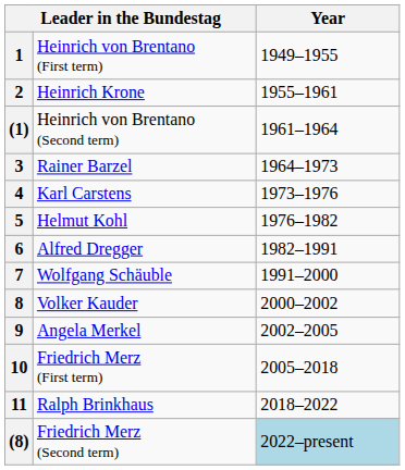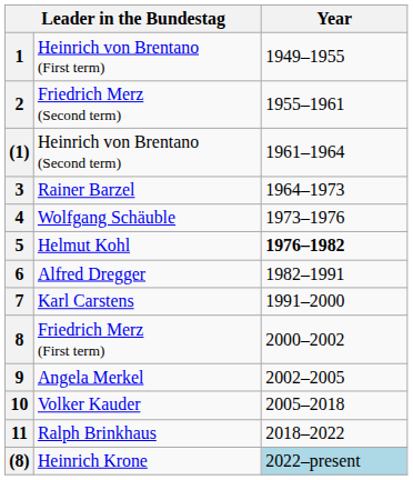 <table class="wikitable">
 <tr>
 <th colspan=2>Leader in the Bundestag</th>
 <th>Year</th>
 </tr>
 <tr>
 <th style="background:">1</th>
 <td style="width:200px;"><a href='#'>Heinrich von Brentano</a><br><small>(First term)</small></td>
 <td style="width:125px;">1949–1955</td>
 </tr>
 <tr>
 <th style="background:">2</th>
-<td style="width:200px;"><a href='#'>Heinrich Krone</a></td>
+<td style="width:200px;"><a href='#'>Friedrich Merz</a><br><small>(Second term)</small></td>
 <td style="width:125px;">1955–1961</td>
 </tr>
 <tr>
 <th style="background:">(1)</th>
 <td style="width:200px;">Heinrich von Brentano<br><small>(Second term)</small></td>
 <td style="width:125px;">1961–1964</td>
 </tr>
 <tr>
 <th style="background:">3</th>
 <td style="width:200px;"><a href='#'>Rainer Barzel</a></td>
 <td style="width:125px;">1964–1973</td>
 </tr>
 <tr>
 <th style="background:">4</th>
-<td style="width:200px;"><a href='#'>Karl Carstens</a></td>
+<td style="width:200px;"><a href='#'>Wolfgang Schäuble</a></td>
 <td style="width:125px;">1973–1976</td>
 </tr>
 <tr>
 <th style="background:">5</th>
 <td style="width:200px;"><a href='#'>Helmut Kohl</a></td>
-<td style="width:125px;">1976–1982</td>
+<td style="width:125px;"><strong>1976–1982</strong></td>
 </tr>
 <tr>
 <th style="background:">6</th>
 <td style="width:200px;"><a href='#'>Alfred Dregger</a></td>
 <td style="width:125px;">1982–1991</td>
 </tr>
 <tr>
 <th style="background:">7</th>
-<td style="width:200px;"><a href='#'>Wolfgang Schäuble</a></td>
+<td style="width:200px;"><a href='#'>Karl Carstens</a></td>
 <td style="width:125px;">1991–2000</td>
 </tr>
 <tr>
 <th style="background:">8</th>
-<td style="width:200px;"><a href='#'>Volker Kauder</a></td>
+<td style="width:200px;"><a href='#'>Friedrich Merz</a><br><small>(First term)</small></td>
 <td style="width:125px;">2000–2002</td>
 </tr>
 <tr>
 <th style="background:">9</th>
 <td style="width:200px;"><a href='#'>Angela Merkel</a></td>
 <td style="width:125px;">2002–2005</td>
 </tr>
 <tr>
 <th style="background:">10</th>
-<td style="width:200px;"><a href='#'>Friedrich Merz</a><br><small>(First term)</small></td>
+<td style="width:200px;"><a href='#'>Volker Kauder</a></td>
 <td style="width:125px;">2005–2018</td>
 </tr>
 <tr>
 <th style="background:">11</th>
 <td style="width:200px;"><a href='#'>Ralph Brinkhaus</a></td>
 <td style="width:125px;">2018–2022</td>
 </tr>
 <tr>
 <th style="background:">(8)</th>
-<td style="width:200px;"><a href='#'>Friedrich Merz</a><br><small>(Second term)</small></td>
+<td style="width:200px;"><a href='#'>Heinrich Krone</a></td>
 <td style="background: lightblue; width:125px;">2022–present</td>
 </tr>
 </table>
